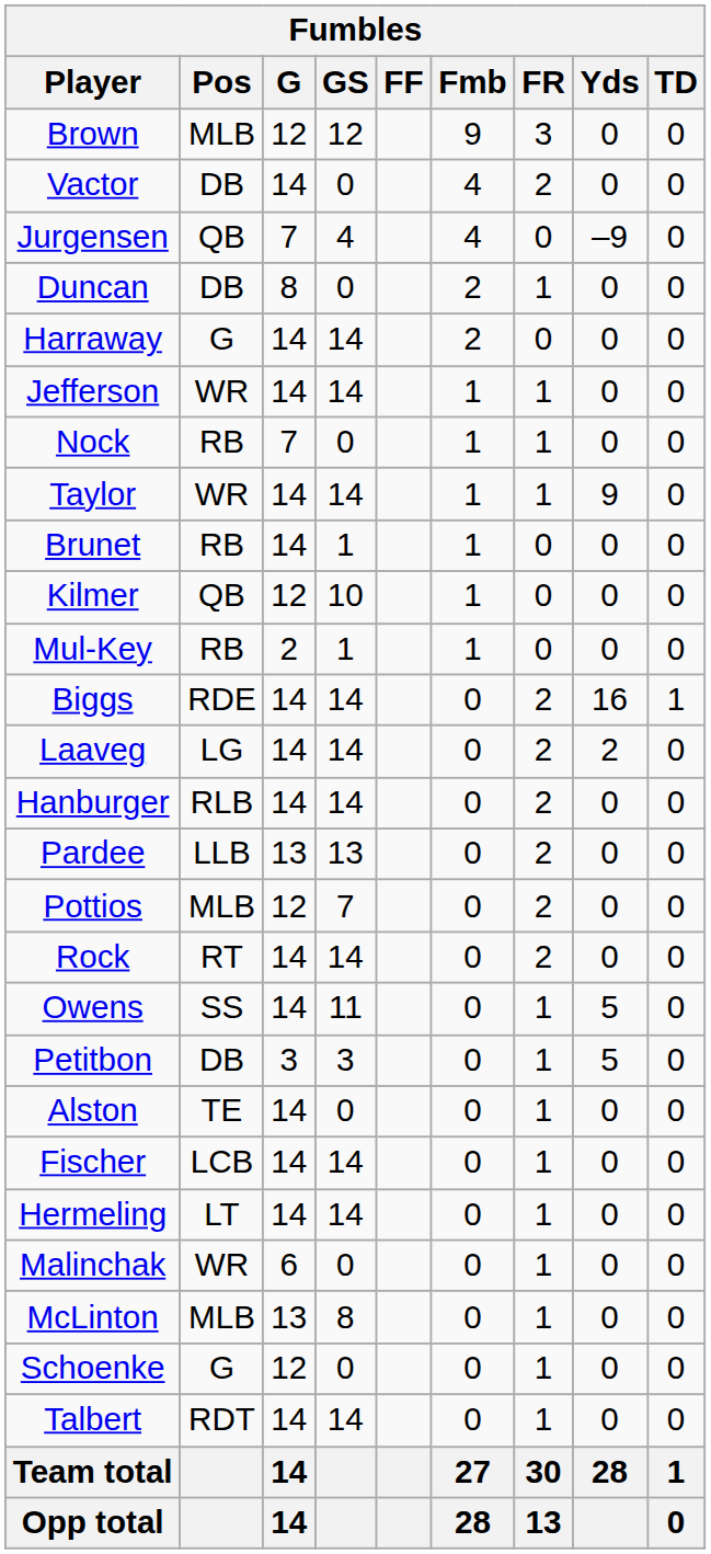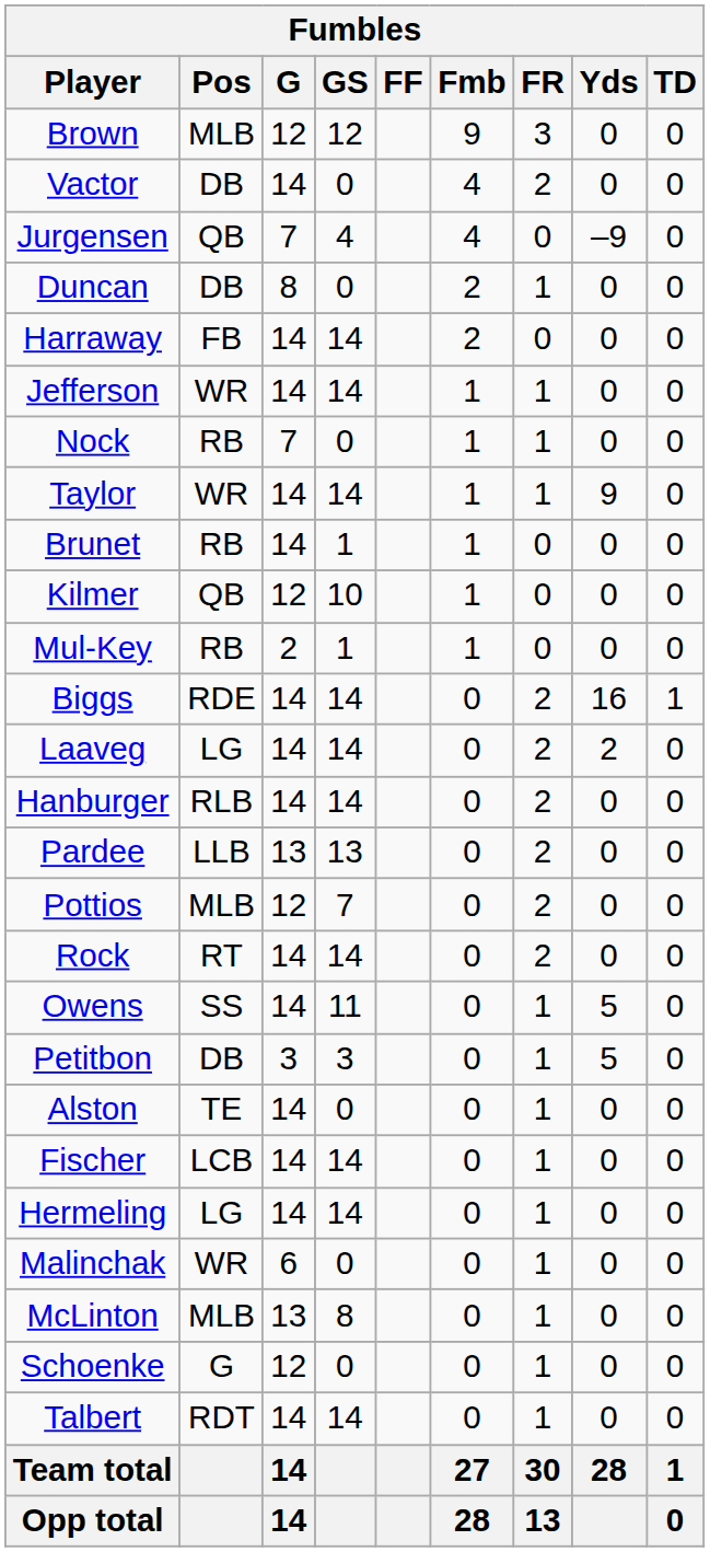 <table class="wikitable" style="text-align:center">
 <tr>
 <th colspan="9">Fumbles</th>
 </tr>
 <tr>
 <th>Player</th>
 <th>Pos</th>
 <th>G</th>
 <th>GS</th>
 <th>FF</th>
 <th>Fmb</th>
 <th>FR</th>
 <th>Yds</th>
 <th>TD</th>
 </tr>
 <tr>
 <td><a href='#'>Brown</a></td>
 <td>MLB</td>
 <td>12</td>
 <td>12</td>
 <td></td>
 <td>9</td>
 <td>3</td>
 <td>0</td>
 <td>0</td>
 </tr>
 <tr>
 <td><a href='#'>Vactor</a></td>
 <td>DB</td>
 <td>14</td>
 <td>0</td>
 <td></td>
 <td>4</td>
 <td>2</td>
 <td>0</td>
 <td>0</td>
 </tr>
 <tr>
 <td><a href='#'>Jurgensen</a></td>
 <td>QB</td>
 <td>7</td>
 <td>4</td>
 <td></td>
 <td>4</td>
 <td>0</td>
 <td>–9</td>
 <td>0</td>
 </tr>
 <tr>
 <td><a href='#'>Duncan</a></td>
 <td>DB</td>
 <td>8</td>
 <td>0</td>
 <td></td>
 <td>2</td>
 <td>1</td>
 <td>0</td>
 <td>0</td>
 </tr>
 <tr>
 <td><a href='#'>Harraway</a></td>
-<td>G</td>
+<td>FB</td>
 <td>14</td>
 <td>14</td>
 <td></td>
 <td>2</td>
 <td>0</td>
 <td>0</td>
 <td>0</td>
 </tr>
 <tr>
 <td><a href='#'>Jefferson</a></td>
 <td>WR</td>
 <td>14</td>
 <td>14</td>
 <td></td>
 <td>1</td>
 <td>1</td>
 <td>0</td>
 <td>0</td>
 </tr>
 <tr>
 <td><a href='#'>Nock</a></td>
 <td>RB</td>
 <td>7</td>
 <td>0</td>
 <td></td>
 <td>1</td>
 <td>1</td>
 <td>0</td>
 <td>0</td>
 </tr>
 <tr>
 <td><a href='#'>Taylor</a></td>
 <td>WR</td>
 <td>14</td>
 <td>14</td>
 <td></td>
 <td>1</td>
 <td>1</td>
 <td>9</td>
 <td>0</td>
 </tr>
 <tr>
 <td><a href='#'>Brunet</a></td>
 <td>RB</td>
 <td>14</td>
 <td>1</td>
 <td></td>
 <td>1</td>
 <td>0</td>
 <td>0</td>
 <td>0</td>
 </tr>
 <tr>
 <td><a href='#'>Kilmer</a></td>
 <td>QB</td>
 <td>12</td>
 <td>10</td>
 <td></td>
 <td>1</td>
 <td>0</td>
 <td>0</td>
 <td>0</td>
 </tr>
 <tr>
 <td><a href='#'>Mul-Key</a></td>
 <td>RB</td>
 <td>2</td>
 <td>1</td>
 <td></td>
 <td>1</td>
 <td>0</td>
 <td>0</td>
 <td>0</td>
 </tr>
 <tr>
 <td><a href='#'>Biggs</a></td>
 <td>RDE</td>
 <td>14</td>
 <td>14</td>
 <td></td>
 <td>0</td>
 <td>2</td>
 <td>16</td>
 <td>1</td>
 </tr>
 <tr>
 <td><a href='#'>Laaveg</a></td>
 <td>LG</td>
 <td>14</td>
 <td>14</td>
 <td></td>
 <td>0</td>
 <td>2</td>
 <td>2</td>
 <td>0</td>
 </tr>
 <tr>
 <td><a href='#'>Hanburger</a></td>
 <td>RLB</td>
 <td>14</td>
 <td>14</td>
 <td></td>
 <td>0</td>
 <td>2</td>
 <td>0</td>
 <td>0</td>
 </tr>
 <tr>
 <td><a href='#'>Pardee</a></td>
 <td>LLB</td>
 <td>13</td>
 <td>13</td>
 <td></td>
 <td>0</td>
 <td>2</td>
 <td>0</td>
 <td>0</td>
 </tr>
 <tr>
 <td><a href='#'>Pottios</a></td>
 <td>MLB</td>
 <td>12</td>
 <td>7</td>
 <td></td>
 <td>0</td>
 <td>2</td>
 <td>0</td>
 <td>0</td>
 </tr>
 <tr>
 <td><a href='#'>Rock</a></td>
 <td>RT</td>
 <td>14</td>
 <td>14</td>
 <td></td>
 <td>0</td>
 <td>2</td>
 <td>0</td>
 <td>0</td>
 </tr>
 <tr>
 <td><a href='#'>Owens</a></td>
 <td>SS</td>
 <td>14</td>
 <td>11</td>
 <td></td>
 <td>0</td>
 <td>1</td>
 <td>5</td>
 <td>0</td>
 </tr>
 <tr>
 <td><a href='#'>Petitbon</a></td>
 <td>DB</td>
 <td>3</td>
 <td>3</td>
 <td></td>
 <td>0</td>
 <td>1</td>
 <td>5</td>
 <td>0</td>
 </tr>
 <tr>
 <td><a href='#'>Alston</a></td>
 <td>TE</td>
 <td>14</td>
 <td>0</td>
 <td></td>
 <td>0</td>
 <td>1</td>
 <td>0</td>
 <td>0</td>
 </tr>
 <tr>
 <td><a href='#'>Fischer</a></td>
 <td>LCB</td>
 <td>14</td>
 <td>14</td>
 <td></td>
 <td>0</td>
 <td>1</td>
 <td>0</td>
 <td>0</td>
 </tr>
 <tr>
 <td><a href='#'>Hermeling</a></td>
-<td>LT</td>
+<td>LG</td>
 <td>14</td>
 <td>14</td>
 <td></td>
 <td>0</td>
 <td>1</td>
 <td>0</td>
 <td>0</td>
 </tr>
 <tr>
 <td><a href='#'>Malinchak</a></td>
 <td>WR</td>
 <td>6</td>
 <td>0</td>
 <td></td>
 <td>0</td>
 <td>1</td>
 <td>0</td>
 <td>0</td>
 </tr>
 <tr>
 <td><a href='#'>McLinton</a></td>
 <td>MLB</td>
 <td>13</td>
 <td>8</td>
 <td></td>
 <td>0</td>
 <td>1</td>
 <td>0</td>
 <td>0</td>
 </tr>
 <tr>
 <td><a href='#'>Schoenke</a></td>
 <td>G</td>
 <td>12</td>
 <td>0</td>
 <td></td>
 <td>0</td>
 <td>1</td>
 <td>0</td>
 <td>0</td>
 </tr>
 <tr>
 <td><a href='#'>Talbert</a></td>
 <td>RDT</td>
 <td>14</td>
 <td>14</td>
 <td></td>
 <td>0</td>
 <td>1</td>
 <td>0</td>
 <td>0</td>
 </tr>
 <tr>
 <th>Team total</th>
 <th></th>
 <th>14</th>
 <th></th>
 <th></th>
 <th>27</th>
 <th>30</th>
 <th>28</th>
 <th>1</th>
 </tr>
 <tr>
 <th>Opp total</th>
 <th></th>
 <th>14</th>
 <th></th>
 <th></th>
 <th>28</th>
 <th>13</th>
 <th></th>
 <th>0</th>
 </tr>
 </table>
